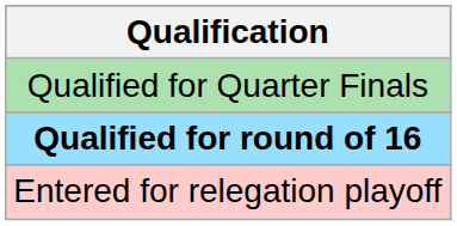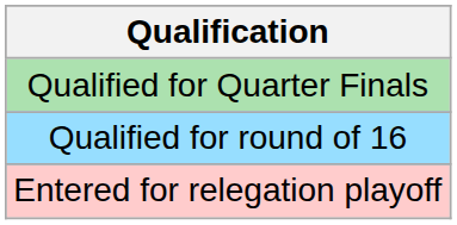 <table class="wikitable" style="text-align:center">
 <tr>
 <th>Qualification</th>
 </tr>
 <tr style="background: #ACE1AF;">
 <td>Qualified for Quarter Finals</td>
 </tr>
 <tr style="background: #97DEFF;">
-<td><strong>Qualified for round of 16</strong></td>
+<td>Qualified for round of 16</td>
 </tr>
 <tr style="background:#FFCCCC">
 <td>Entered for relegation playoff</td>
 </tr>
 </table>
